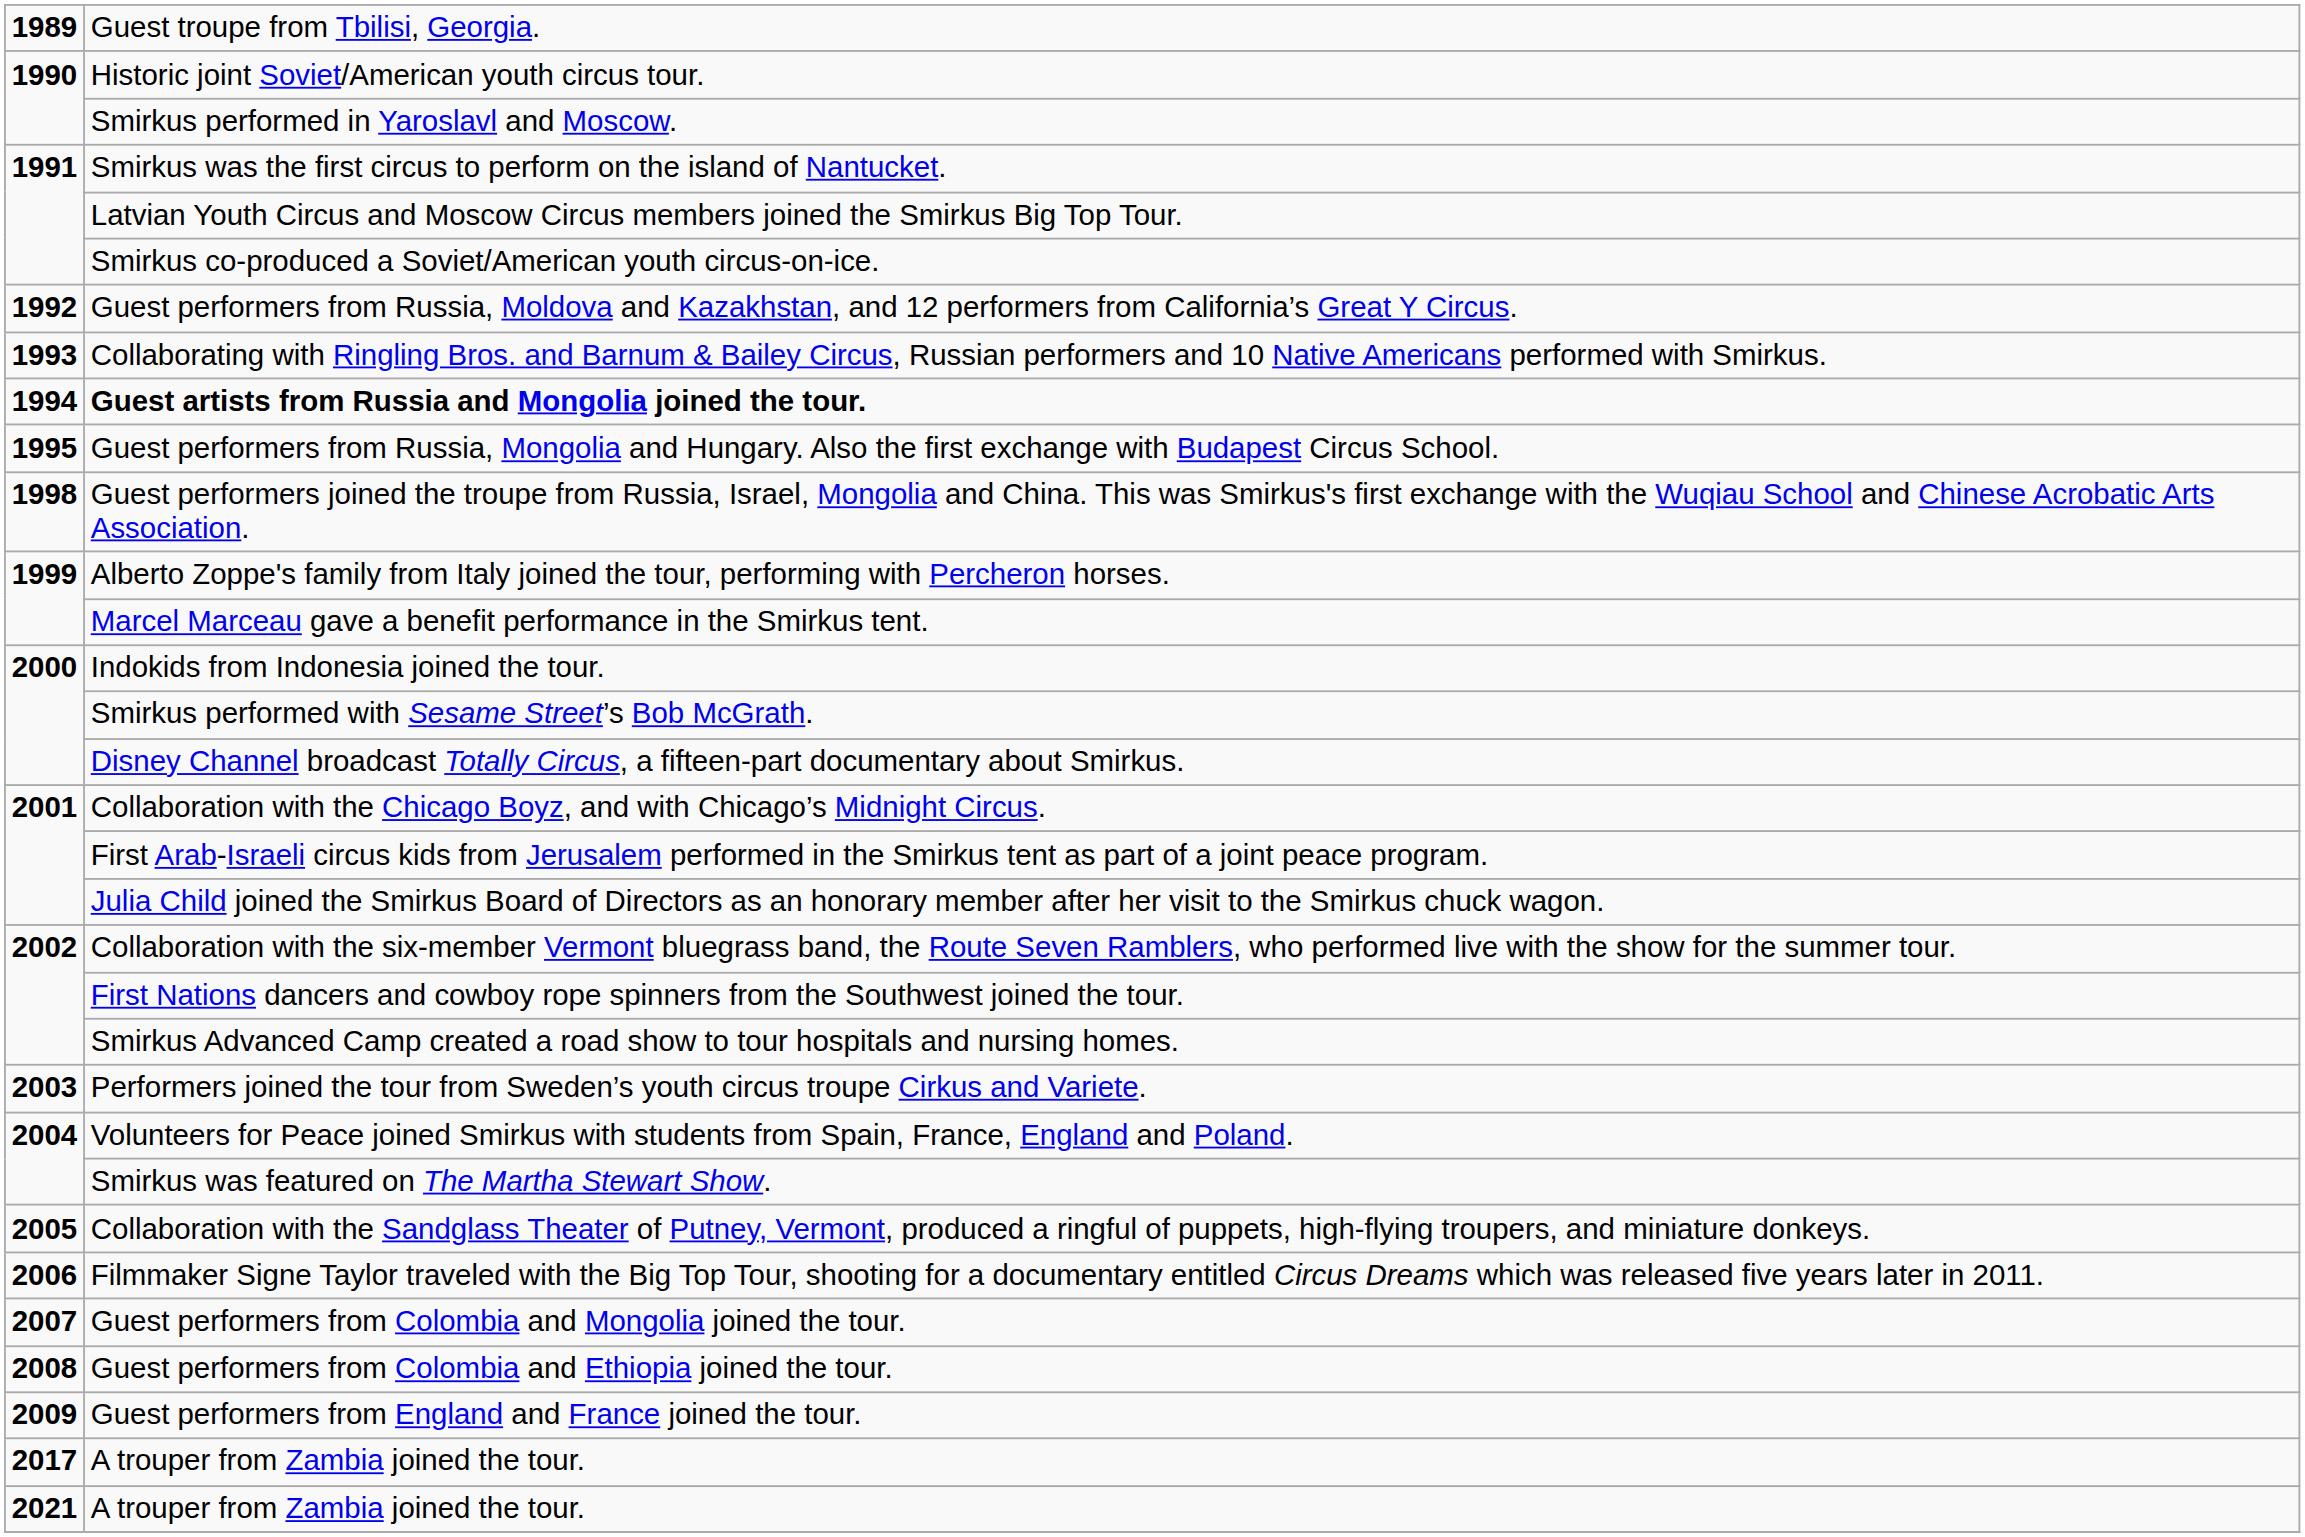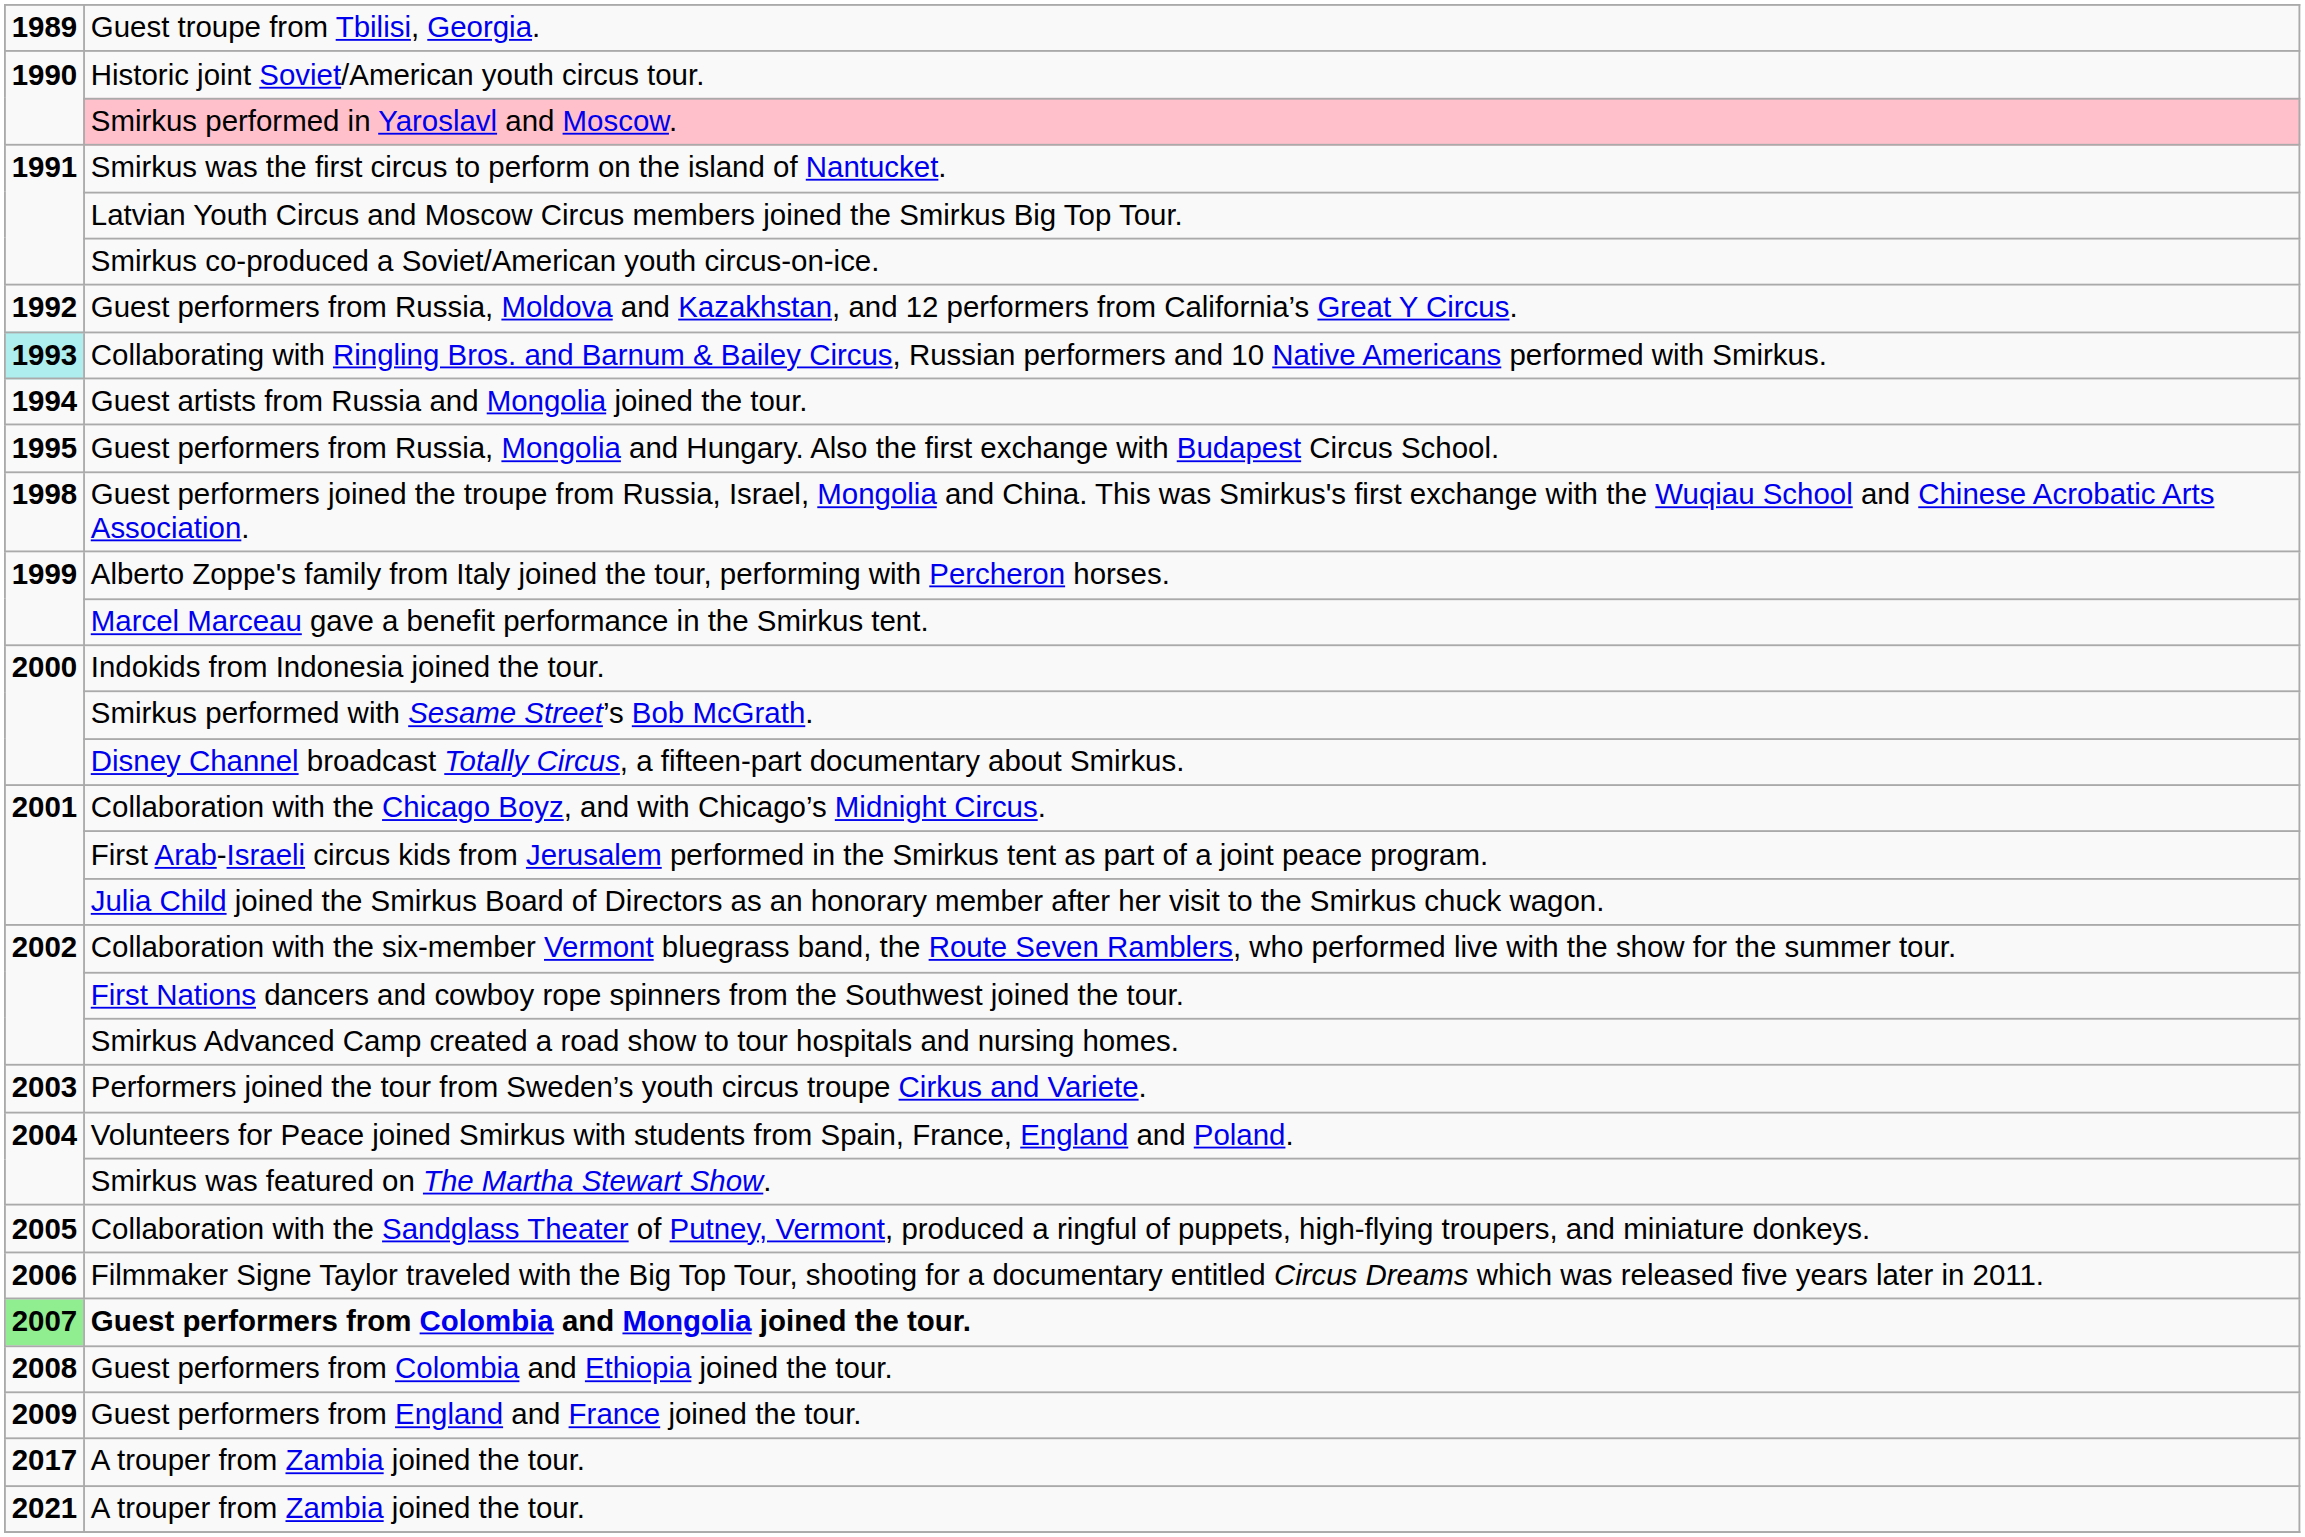 <table class="wikitable">
 <tr>
 <td valign="top"><strong>1989</strong></td>
 <td>Guest troupe from <a href='#'>Tbilisi</a>, <a href='#'>Georgia</a>.</td>
 </tr>
 <tr>
 <td rowspan=2 valign="top"><strong>1990</strong></td>
 <td>Historic joint <a href='#'>Soviet</a>/American youth circus tour.</td>
 </tr>
 <tr>
-<td>Smirkus performed in <a href='#'>Yaroslavl</a> and <a href='#'>Moscow</a>.</td>
+<td style="background: pink;">Smirkus performed in <a href='#'>Yaroslavl</a> and <a href='#'>Moscow</a>.</td>
 </tr>
 <tr>
 <td rowspan=3 valign="top"><strong>1991</strong></td>
 <td>Smirkus was the first circus to perform on the island of <a href='#'>Nantucket</a>.</td>
 </tr>
 <tr>
 <td>Latvian Youth Circus and Moscow Circus members joined the Smirkus Big Top Tour.</td>
 </tr>
 <tr>
 <td>Smirkus co-produced a Soviet/American youth circus-on-ice.</td>
 </tr>
 <tr>
 <td valign="top"><strong>1992</strong></td>
 <td>Guest performers from Russia, <a href='#'>Moldova</a> and <a href='#'>Kazakhstan</a>, and 12 performers from California’s <a href='#'>Great Y Circus</a>.</td>
 </tr>
 <tr>
-<td valign="top"><strong>1993</strong></td>
+<td valign="top" style="background: paleturquoise;"><strong>1993</strong></td>
 <td>Collaborating with <a href='#'>Ringling Bros. and Barnum & Bailey Circus</a>, Russian performers and 10 <a href='#'>Native Americans</a> performed with Smirkus.</td>
 </tr>
 <tr>
 <td valign="top"><strong>1994</strong></td>
-<td><strong>Guest artists from Russia and <a href='#'>Mongolia</a> joined the tour.</strong></td>
+<td>Guest artists from Russia and <a href='#'>Mongolia</a> joined the tour.</td>
 </tr>
 <tr>
 <td valign="top"><strong>1995</strong></td>
 <td>Guest performers from Russia, <a href='#'>Mongolia</a> and Hungary. Also the first exchange with <a href='#'>Budapest</a> Circus School.</td>
 </tr>
 <tr>
 <td valign="top"><strong>1998</strong></td>
 <td>Guest performers joined the troupe from Russia, Israel, <a href='#'>Mongolia</a> and China. This was Smirkus's first exchange with the <a href='#'>Wuqiau School</a> and <a href='#'>Chinese Acrobatic Arts Association</a>.</td>
 </tr>
 <tr>
 <td rowspan=2 valign="top"><strong>1999</strong></td>
 <td>Alberto Zoppe's family from Italy joined the tour, performing with <a href='#'>Percheron</a> horses.</td>
 </tr>
 <tr>
 <td><a href='#'>Marcel Marceau</a> gave a benefit performance in the Smirkus tent.</td>
 </tr>
 <tr>
 <td rowspan=3 valign="top"><strong>2000</strong></td>
 <td>Indokids from Indonesia joined the tour.</td>
 </tr>
 <tr>
 <td>Smirkus performed with <em><a href='#'>Sesame Street</a></em>’s <a href='#'>Bob McGrath</a>.</td>
 </tr>
 <tr>
 <td><a href='#'>Disney Channel</a> broadcast <em><a href='#'>Totally Circus</a></em>, a fifteen-part documentary about Smirkus.</td>
 </tr>
 <tr>
 <td rowspan=3 valign="top"><strong>2001</strong></td>
 <td>Collaboration with the <a href='#'>Chicago Boyz</a>, and with Chicago’s <a href='#'>Midnight Circus</a>.</td>
 </tr>
 <tr>
 <td>First <a href='#'>Arab</a>-<a href='#'>Israeli</a> circus kids from <a href='#'>Jerusalem</a> performed in the Smirkus tent as part of a joint peace program.</td>
 </tr>
 <tr>
 <td><a href='#'>Julia Child</a> joined the Smirkus Board of Directors as an honorary member after her visit to the Smirkus chuck wagon.</td>
 </tr>
 <tr>
 <td rowspan=3 valign="top"><strong>2002</strong></td>
 <td>Collaboration with the six-member <a href='#'>Vermont</a> bluegrass band, the <a href='#'>Route Seven Ramblers</a>, who performed live with the show for the summer tour.</td>
 </tr>
 <tr>
 <td><a href='#'>First Nations</a> dancers and cowboy rope spinners from the Southwest joined the tour.</td>
 </tr>
 <tr>
 <td>Smirkus Advanced Camp created a road show to tour hospitals and nursing homes.</td>
 </tr>
 <tr>
 <td valign="top"><strong>2003</strong></td>
 <td>Performers joined the tour from Sweden’s youth circus troupe <a href='#'>Cirkus and Variete</a>.</td>
 </tr>
 <tr>
 <td rowspan=2 valign="top"><strong>2004</strong></td>
 <td>Volunteers for Peace joined Smirkus with students from Spain, France, <a href='#'>England</a> and <a href='#'>Poland</a>.</td>
 </tr>
 <tr>
 <td>Smirkus was featured on <em><a href='#'>The Martha Stewart Show</a></em>.</td>
 </tr>
 <tr>
 <td valign="top"><strong>2005</strong></td>
 <td>Collaboration with the <a href='#'>Sandglass Theater</a> of <a href='#'>Putney, Vermont</a>, produced a ringful of puppets, high-flying troupers, and miniature donkeys.</td>
 </tr>
 <tr>
 <td valign="top"><strong>2006</strong></td>
 <td>Filmmaker Signe Taylor traveled with the Big Top Tour, shooting for a documentary entitled <em>Circus Dreams</em> which was released five years later in 2011.</td>
 </tr>
 <tr>
-<td valign="top"><strong>2007</strong></td>
-<td>Guest performers from <a href='#'>Colombia</a> and <a href='#'>Mongolia</a> joined the tour.</td>
+<td valign="top" style="background: lightgreen;"><strong>2007</strong></td>
+<td><strong>Guest performers from <a href='#'>Colombia</a> and <a href='#'>Mongolia</a> joined the tour.</strong></td>
 </tr>
 <tr>
 <td valign="top"><strong>2008</strong></td>
 <td>Guest performers from <a href='#'>Colombia</a> and <a href='#'>Ethiopia</a> joined the tour.</td>
 </tr>
 <tr>
 <td valign="top"><strong>2009</strong></td>
 <td>Guest performers from <a href='#'>England</a> and <a href='#'>France</a> joined the tour.</td>
 </tr>
 <tr>
 <td valign="top"><strong>2017</strong></td>
 <td>A trouper from <a href='#'>Zambia</a> joined the tour.</td>
 </tr>
 <tr>
 <td valign="top"><strong>2021</strong></td>
 <td>A trouper from <a href='#'>Zambia</a> joined the tour.</td>
 </tr>
 <tr>
 </tr>
 </table>
